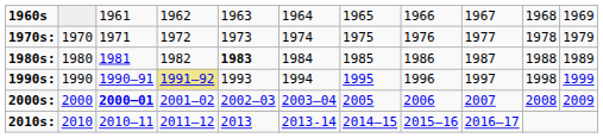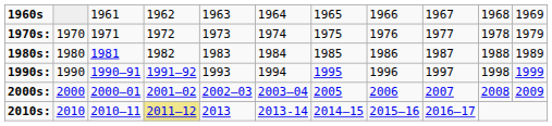 <table class="wikitable">
 <tr>
 <td><strong>1960s</strong></td>
 <td bgcolor=EFEFEF></td>
 <td>1961</td>
 <td>1962</td>
 <td>1963</td>
 <td>1964</td>
 <td>1965</td>
 <td>1966</td>
 <td>1967</td>
 <td>1968</td>
 <td>1969</td>
 </tr>
 <tr>
 <td><strong>1970s:</strong></td>
 <td>1970</td>
 <td>1971</td>
 <td>1972</td>
 <td>1973</td>
 <td>1974</td>
 <td>1975</td>
 <td>1976</td>
 <td>1977</td>
 <td>1978</td>
 <td>1979</td>
 </tr>
 <tr>
 <td><strong>1980s:</strong></td>
 <td>1980</td>
 <td><a href='#'>1981</a></td>
 <td>1982</td>
-<td><strong>1983</strong></td>
+<td>1983</td>
 <td>1984</td>
 <td>1985</td>
 <td>1986</td>
 <td>1987</td>
 <td>1988</td>
 <td>1989</td>
 </tr>
 <tr>
 <td><strong>1990s:</strong></td>
 <td>1990</td>
 <td><a href='#'>1990–91</a></td>
-<td style="background: khaki;"><a href='#'>1991–92</a></td>
+<td><a href='#'>1991–92</a></td>
 <td>1993</td>
 <td>1994</td>
 <td><a href='#'>1995</a></td>
 <td>1996</td>
 <td>1997</td>
 <td>1998</td>
 <td><a href='#'>1999</a></td>
 </tr>
 <tr>
 <td><strong>2000s:</strong></td>
 <td><a href='#'>2000</a></td>
-<td><strong><a href='#'>2000–01</a></strong></td>
+<td><a href='#'>2000–01</a></td>
 <td><a href='#'>2001–02</a></td>
 <td><a href='#'>2002–03</a></td>
 <td><a href='#'>2003–04</a></td>
 <td><a href='#'>2005</a></td>
 <td><a href='#'>2006</a></td>
 <td><a href='#'>2007</a></td>
 <td><a href='#'>2008</a></td>
 <td><a href='#'>2009</a></td>
 </tr>
 <tr>
 <td><strong>2010s:</strong></td>
 <td><a href='#'>2010</a></td>
 <td><a href='#'>2010–11</a></td>
-<td><a href='#'>2011–12</a></td>
+<td style="background: khaki;"><a href='#'>2011–12</a></td>
 <td><a href='#'>2013</a></td>
 <td><a href='#'>2013-14</a></td>
 <td><a href='#'>2014–15</a></td>
 <td><a href='#'>2015–16</a></td>
 <td><a href='#'>2016–17</a></td>
 </tr>
 </table>
